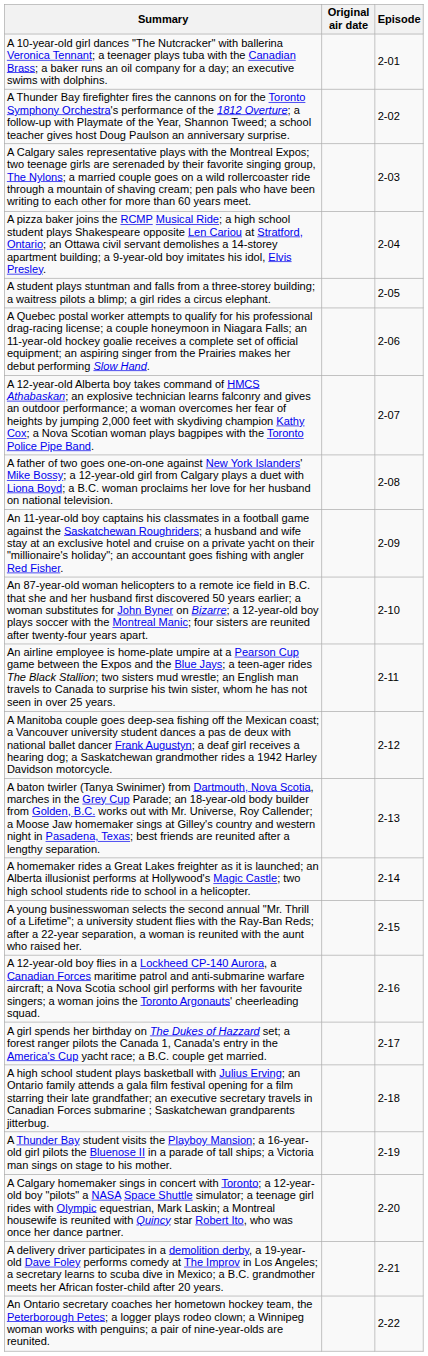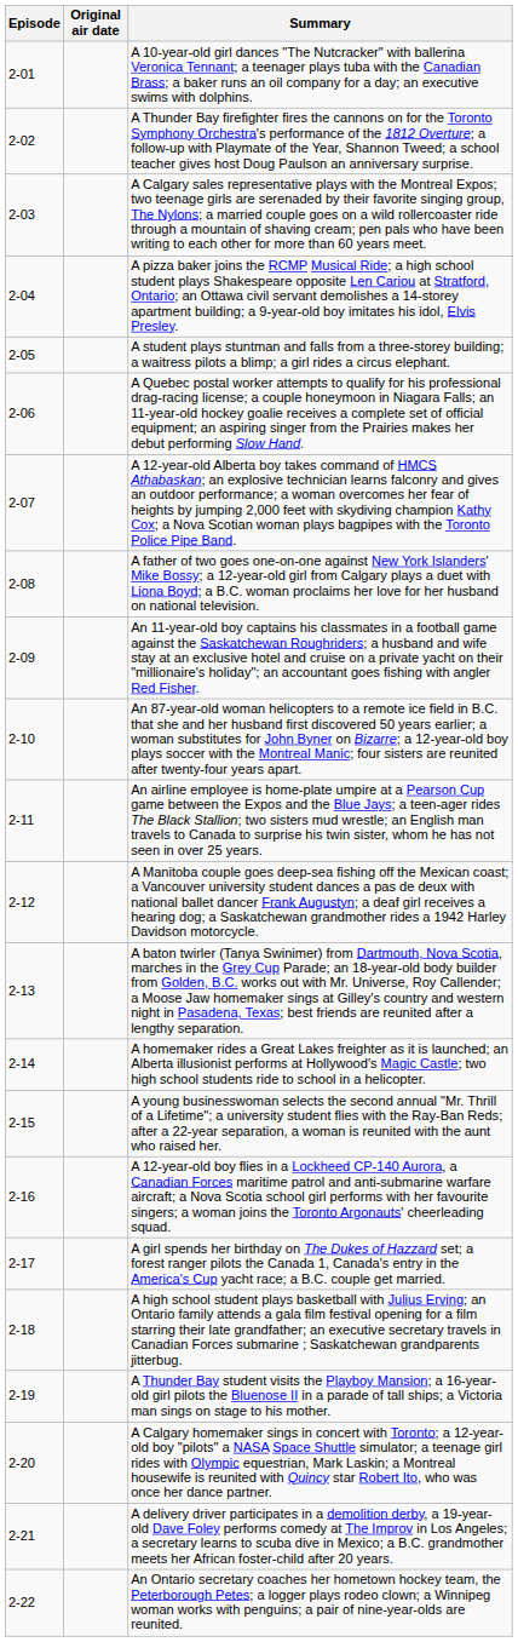 <table " class="wikitable" sortable">
 <tr>
+<th scope="col">Episode</th>
+<th scope="col">Original air date</th>
 <th scope="col">Summary</th>
-<th scope="col">Original air date</th>
-<th scope="col">Episode</th>
 </tr>
 <tr>
+<td>2-01</td>
+<td style=white-space:nowrap></td>
 <td>A 10-year-old girl dances "The Nutcracker" with ballerina <a href='#'>Veronica Tennant</a>; a teenager plays tuba with the <a href='#'>Canadian Brass</a>; a baker runs an oil company for a day; an executive swims with dolphins.</td>
-<td style=white-space:nowrap></td>
-<td>2-01</td>
 </tr>
 <tr>
+<td>2-02</td>
+<td style=white-space:nowrap></td>
 <td>A Thunder Bay firefighter fires the cannons on  for the <a href='#'>Toronto Symphony Orchestra</a>'s performance of the <em><a href='#'>1812 Overture</a></em>; a follow-up with Playmate of the Year, Shannon Tweed; a school teacher gives host Doug Paulson an anniversary surprise.</td>
-<td style=white-space:nowrap></td>
-<td>2-02</td>
 </tr>
 <tr>
+<td>2-03</td>
+<td style=white-space:nowrap></td>
 <td>A Calgary sales representative plays with the Montreal Expos; two teenage girls are serenaded by their favorite singing group, <a href='#'>The Nylons</a>; a married couple goes on a wild rollercoaster ride through a mountain of shaving cream; pen pals who have been writing to each other for more than 60 years meet.</td>
-<td style=white-space:nowrap></td>
-<td>2-03</td>
 </tr>
 <tr>
+<td>2-04</td>
+<td style=white-space:nowrap></td>
 <td>A pizza baker joins the <a href='#'>RCMP</a> <a href='#'>Musical Ride</a>; a high school student plays Shakespeare opposite <a href='#'>Len Cariou</a> at <a href='#'>Stratford, Ontario</a>; an Ottawa civil servant demolishes a 14-storey apartment building; a 9-year-old boy imitates his idol, <a href='#'>Elvis Presley</a>.</td>
-<td style=white-space:nowrap></td>
-<td>2-04</td>
 </tr>
 <tr>
+<td>2-05</td>
+<td style=white-space:nowrap></td>
 <td>A student plays stuntman and falls from a three-storey building; a waitress pilots a blimp; a girl rides a circus elephant.</td>
-<td style=white-space:nowrap></td>
-<td>2-05</td>
 </tr>
 <tr>
+<td>2-06</td>
+<td style=white-space:nowrap></td>
 <td>A Quebec postal worker attempts to qualify for his professional drag-racing license; a couple honeymoon in Niagara Falls; an 11-year-old hockey goalie receives a complete set of official equipment; an aspiring singer from the Prairies makes her debut performing <em><a href='#'>Slow Hand</a></em>.</td>
-<td style=white-space:nowrap></td>
-<td>2-06</td>
 </tr>
 <tr>
+<td>2-07</td>
+<td style=white-space:nowrap></td>
 <td>A 12-year-old Alberta boy takes command of <a href='#'>HMCS <em>Athabaskan</em></a>; an explosive technician learns falconry and gives an outdoor performance; a woman overcomes her fear of heights by jumping 2,000 feet with skydiving champion <a href='#'>Kathy Cox</a>; a Nova Scotian woman plays bagpipes with the <a href='#'>Toronto Police Pipe Band</a>.</td>
-<td style=white-space:nowrap></td>
-<td>2-07</td>
 </tr>
 <tr>
+<td>2-08</td>
+<td style=white-space:nowrap></td>
 <td>A father of two goes one-on-one against <a href='#'>New York Islanders</a>' <a href='#'>Mike Bossy</a>; a 12-year-old girl from Calgary plays a duet with <a href='#'>Liona Boyd</a>; a B.C. woman proclaims her love for her husband on national television.</td>
-<td style=white-space:nowrap></td>
-<td>2-08</td>
 </tr>
 <tr>
+<td>2-09</td>
+<td style=white-space:nowrap></td>
 <td>An 11-year-old boy captains his classmates in a football game against the <a href='#'>Saskatchewan Roughriders</a>; a husband and wife stay at an exclusive hotel and cruise on a private yacht on their "millionaire's holiday"; an accountant goes fishing with angler <a href='#'>Red Fisher</a>.</td>
-<td style=white-space:nowrap></td>
-<td>2-09</td>
 </tr>
 <tr>
+<td>2-10</td>
+<td style=white-space:nowrap></td>
 <td>An 87-year-old woman helicopters to a remote ice field in B.C. that she and her husband first discovered 50 years earlier; a woman substitutes for <a href='#'>John Byner</a> on <em><a href='#'>Bizarre</a></em>; a 12-year-old boy plays soccer with the <a href='#'>Montreal Manic</a>; four sisters are reunited after twenty-four years apart.</td>
-<td style=white-space:nowrap></td>
-<td>2-10</td>
 </tr>
 <tr>
+<td>2-11</td>
+<td style=white-space:nowrap></td>
 <td>An airline employee is home-plate umpire at a <a href='#'>Pearson Cup</a> game between the Expos and the <a href='#'>Blue Jays</a>; a teen-ager rides <em>The Black Stallion</em>; two sisters mud wrestle; an English man travels to Canada to surprise his twin sister, whom he has not seen in over 25 years.</td>
-<td style=white-space:nowrap></td>
-<td>2-11</td>
 </tr>
 <tr>
+<td>2-12</td>
+<td style=white-space:nowrap></td>
 <td>A Manitoba couple goes deep-sea fishing off the Mexican coast; a Vancouver university student dances a pas de deux with national ballet dancer <a href='#'>Frank Augustyn</a>; a deaf girl receives a hearing dog; a Saskatchewan grandmother rides a 1942 Harley Davidson motorcycle.</td>
-<td style=white-space:nowrap></td>
-<td>2-12</td>
 </tr>
 <tr>
+<td>2-13</td>
+<td style=white-space:nowrap></td>
 <td>A baton twirler (Tanya Swinimer) from <a href='#'>Dartmouth, Nova Scotia</a>, marches in the <a href='#'>Grey Cup</a> Parade; an 18-year-old body builder from <a href='#'>Golden, B.C.</a> works out with Mr. Universe, Roy Callender; a Moose Jaw homemaker sings at Gilley's country and western night in <a href='#'>Pasadena, Texas</a>; best friends are reunited after a lengthy separation.</td>
-<td style=white-space:nowrap></td>
-<td>2-13</td>
 </tr>
 <tr>
+<td>2-14</td>
+<td style=white-space:nowrap></td>
 <td>A homemaker rides a Great Lakes freighter as it is launched; an Alberta illusionist performs at Hollywood's <a href='#'>Magic Castle</a>; two high school students ride to school in a helicopter.</td>
-<td style=white-space:nowrap></td>
-<td>2-14</td>
 </tr>
 <tr>
+<td>2-15</td>
+<td style=white-space:nowrap></td>
 <td>A young businesswoman selects the second annual "Mr. Thrill of a Lifetime"; a university student flies with the Ray-Ban Reds; after a 22-year separation, a woman is reunited with the aunt who raised her.</td>
-<td style=white-space:nowrap></td>
-<td>2-15</td>
 </tr>
 <tr>
+<td>2-16</td>
+<td style=white-space:nowrap></td>
 <td>A 12-year-old boy flies in a <a href='#'>Lockheed CP-140 Aurora</a>, a <a href='#'>Canadian Forces</a> maritime patrol and anti-submarine warfare aircraft; a Nova Scotia school girl performs with her favourite singers; a woman joins the <a href='#'>Toronto Argonauts</a>' cheerleading squad.</td>
-<td style=white-space:nowrap></td>
-<td>2-16</td>
 </tr>
 <tr>
+<td>2-17</td>
+<td style=white-space:nowrap></td>
 <td>A girl spends her birthday on <em><a href='#'>The Dukes of Hazzard</a></em> set; a forest ranger pilots the Canada 1, Canada's entry in the <a href='#'>America's Cup</a> yacht race; a B.C. couple get married.</td>
-<td style=white-space:nowrap></td>
-<td>2-17</td>
 </tr>
 <tr>
+<td>2-18</td>
+<td style=white-space:nowrap></td>
 <td>A high school student plays basketball with <a href='#'>Julius Erving</a>; an Ontario family attends a gala film festival opening for a film starring their late grandfather; an executive secretary travels in Canadian Forces submarine ; Saskatchewan grandparents jitterbug.</td>
-<td style=white-space:nowrap></td>
-<td>2-18</td>
 </tr>
 <tr>
+<td>2-19</td>
+<td style=white-space:nowrap></td>
 <td>A <a href='#'>Thunder Bay</a> student visits the <a href='#'>Playboy Mansion</a>; a 16-year-old girl pilots the <a href='#'>Bluenose II</a> in a parade of tall ships; a Victoria man sings on stage to his mother.</td>
-<td style=white-space:nowrap></td>
-<td>2-19</td>
 </tr>
 <tr>
+<td>2-20</td>
+<td style=white-space:nowrap></td>
 <td>A Calgary homemaker sings in concert with <a href='#'>Toronto</a>; a 12-year-old boy "pilots" a <a href='#'>NASA</a> <a href='#'>Space Shuttle</a> simulator; a teenage girl rides with <a href='#'>Olympic</a> equestrian, Mark Laskin; a Montreal housewife is reunited with <em><a href='#'>Quincy</a></em> star <a href='#'>Robert Ito</a>, who was once her dance partner.</td>
-<td style=white-space:nowrap></td>
-<td>2-20</td>
 </tr>
 <tr>
+<td>2-21</td>
+<td style=white-space:nowrap></td>
 <td>A delivery driver participates in a <a href='#'>demolition derby</a>, a 19-year-old <a href='#'>Dave Foley</a> performs comedy at <a href='#'>The Improv</a> in Los Angeles; a secretary learns to scuba dive in Mexico; a B.C. grandmother meets her African foster-child after 20 years.</td>
-<td style=white-space:nowrap></td>
-<td>2-21</td>
 </tr>
 <tr>
+<td>2-22</td>
+<td style=white-space:nowrap></td>
 <td>An Ontario secretary coaches her hometown hockey team, the <a href='#'>Peterborough Petes</a>; a logger plays rodeo clown; a Winnipeg woman works with penguins; a pair of nine-year-olds are reunited.</td>
-<td style=white-space:nowrap></td>
-<td>2-22</td>
 </tr>
 </table>
